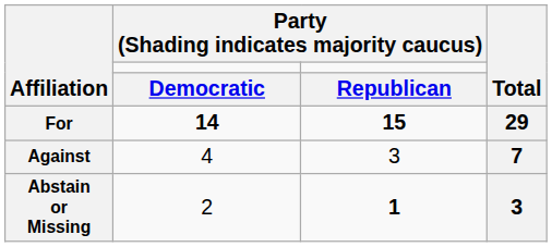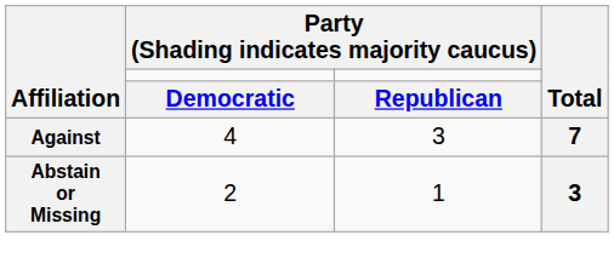 <table class="wikitable" style="text-align:center">
 <tr valign="bottom">
 <th scope="col" rowspan="3">Affiliation</th>
 <th scope="col" colspan="2">Party <div>(Shading indicates majority caucus)</div></th>
 <th scope="col" rowspan="3">Total</th>
 </tr>
 <tr style="height:5px">
 <td style="background-color:"></td>
 <td style="background-color:"></td>
 </tr>
 <tr>
 <th><a href='#'>Democratic</a></th>
 <th><a href='#'>Republican</a></th>
 </tr>
 <tr>
-<th scope="row" style="white-space:nowrap; font-size:80%">For</th>
-<td><strong>14</strong></td>
-<td><strong>15</strong></td>
-<th><strong>29</strong></th>
-</tr>
-<tr>
 <th scope="row" style="white-space:nowrap; font-size:80%">Against</th>
 <td>4</td>
 <td>3</td>
 <th>7</th>
 </tr>
 <tr>
 <th scope="row" style="white-space:nowrap; font-size:80%">Abstain<br>or<br>Missing</th>
 <td>2</td>
-<td><strong>1</strong></td>
+<td>1</td>
 <th>3</th>
 </tr>
 </table>
